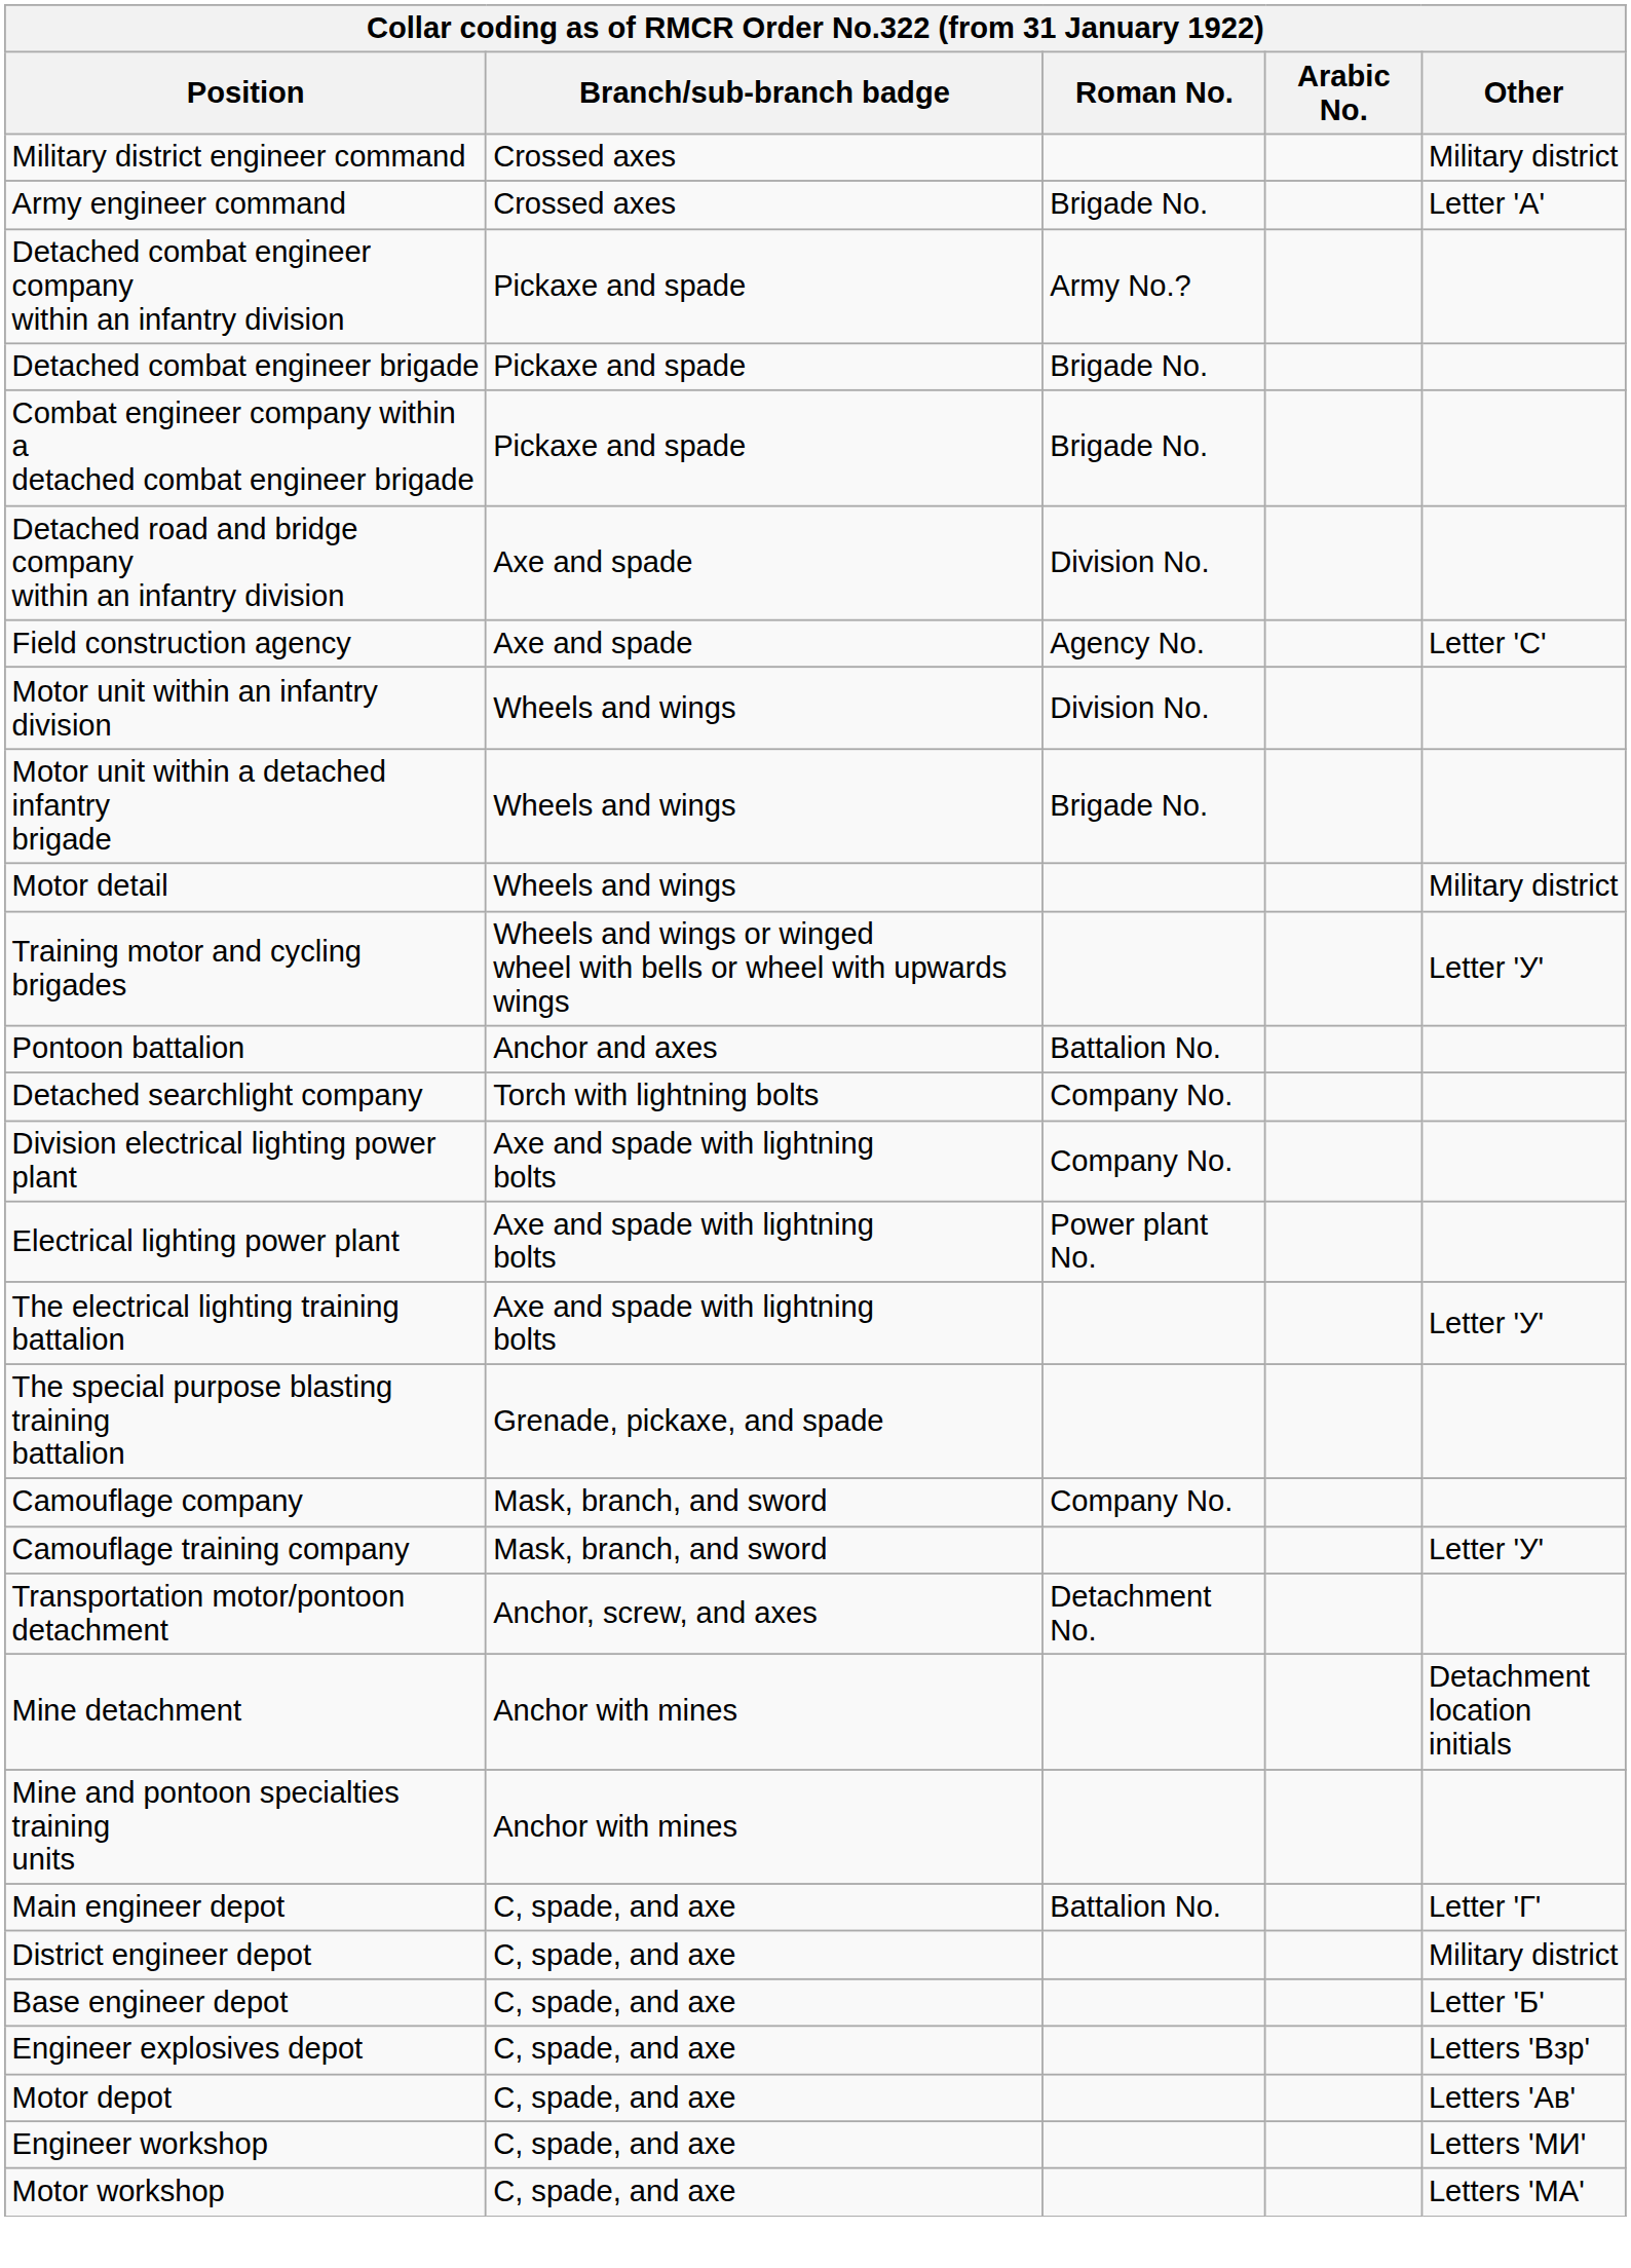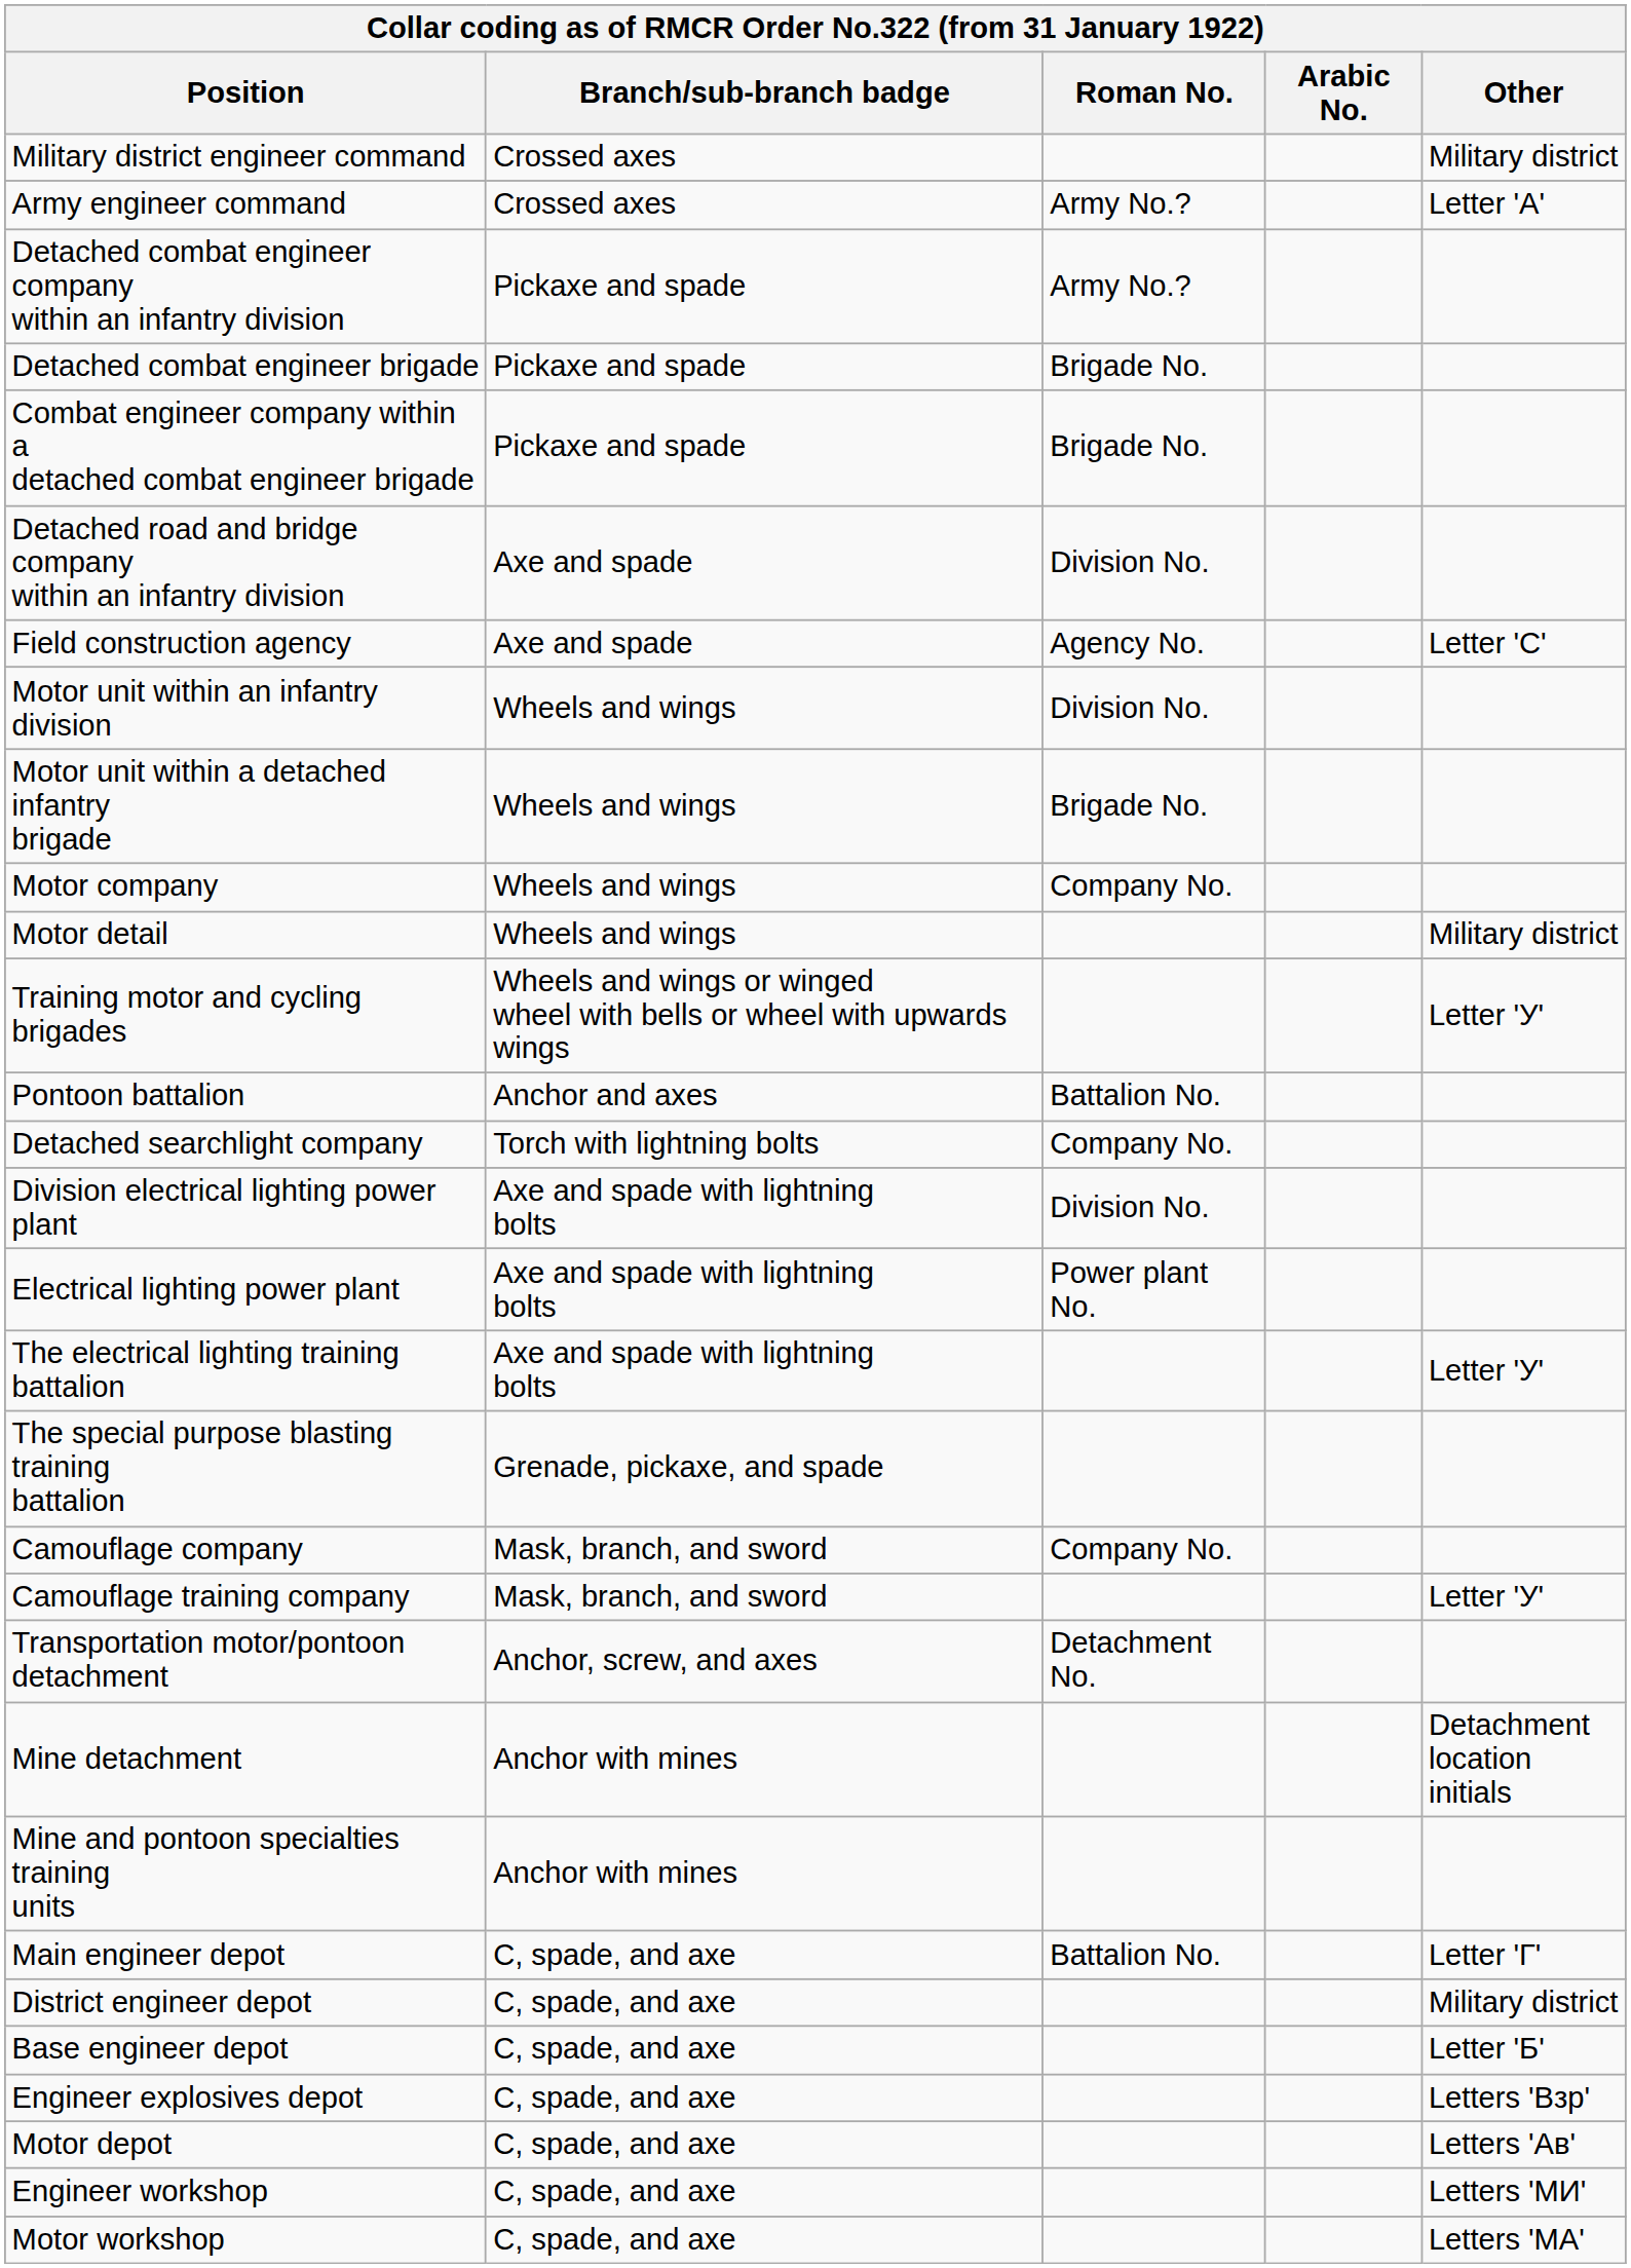 <table class="wikitable">
 <tr>
 <th colspan="5">Collar coding as of RMCR Order No.322 (from 31 January 1922)</th>
 </tr>
 <tr>
 <th>Position</th>
 <th>Branch/sub-branch badge</th>
 <th>Roman No.</th>
 <th>Arabic No.</th>
 <th>Other</th>
 </tr>
 <tr>
 <td>Military district engineer command</td>
 <td>Crossed axes</td>
 <td></td>
 <td></td>
 <td>Military district</td>
 </tr>
 <tr>
 <td>Army engineer command</td>
 <td>Crossed axes</td>
-<td>Brigade No.</td>
+<td>Army No.?</td>
 <td></td>
 <td>Letter 'А'</td>
 </tr>
 <tr>
 <td>Detached combat engineer company<br>within an infantry division</td>
 <td>Pickaxe and spade</td>
 <td>Army No.?</td>
 <td></td>
 <td></td>
 </tr>
 <tr>
 <td>Detached combat engineer brigade</td>
 <td>Pickaxe and spade</td>
 <td>Brigade No.</td>
 <td></td>
 <td></td>
 </tr>
 <tr>
 <td>Combat engineer company within a<br>detached combat engineer brigade</td>
 <td>Pickaxe and spade</td>
 <td>Brigade No.</td>
 <td></td>
 <td></td>
 </tr>
 <tr>
 <td>Detached road and bridge company<br>within an infantry division</td>
 <td>Axe and spade</td>
 <td>Division No.</td>
 <td></td>
 <td></td>
 </tr>
 <tr>
 <td>Field construction agency</td>
 <td>Axe and spade</td>
 <td>Agency No.</td>
 <td></td>
 <td>Letter 'С'</td>
 </tr>
 <tr>
 <td>Motor unit within an infantry division</td>
 <td>Wheels and wings</td>
 <td>Division No.</td>
 <td></td>
 <td></td>
 </tr>
 <tr>
 <td>Motor unit within a detached infantry<br>brigade</td>
 <td>Wheels and wings</td>
 <td>Brigade No.</td>
 <td></td>
 <td></td>
 </tr>
 <tr>
+<td>Motor company</td>
+<td>Wheels and wings</td>
+<td>Company No.</td>
+<td></td>
+<td></td>
+</tr>
+<tr>
 <td>Motor detail</td>
 <td>Wheels and wings</td>
 <td></td>
 <td></td>
 <td>Military district</td>
 </tr>
 <tr>
 <td>Training motor and cycling brigades</td>
 <td>Wheels and wings or winged<br>wheel with bells or wheel with upwards wings</td>
 <td></td>
 <td></td>
 <td>Letter 'У'</td>
 </tr>
 <tr>
 <td>Pontoon battalion</td>
 <td>Anchor and axes</td>
 <td>Battalion No.</td>
 <td></td>
 <td></td>
 </tr>
 <tr>
 <td>Detached searchlight company</td>
 <td>Torch with lightning bolts</td>
 <td>Company No.</td>
 <td></td>
 <td></td>
 </tr>
 <tr>
 <td>Division electrical lighting power plant</td>
 <td>Axe and spade with lightning<br>bolts</td>
-<td>Company No.</td>
+<td>Division No.</td>
 <td></td>
 <td></td>
 </tr>
 <tr>
 <td>Electrical lighting power plant</td>
 <td>Axe and spade with lightning<br>bolts</td>
 <td>Power plant No.</td>
 <td></td>
 <td></td>
 </tr>
 <tr>
 <td>The electrical lighting training battalion</td>
 <td>Axe and spade with lightning<br>bolts</td>
 <td></td>
 <td></td>
 <td>Letter 'У'</td>
 </tr>
 <tr>
 <td>The special purpose blasting training<br>battalion</td>
 <td>Grenade, pickaxe, and spade</td>
 <td></td>
 <td></td>
 <td></td>
 </tr>
 <tr>
 <td>Camouflage company</td>
 <td>Mask, branch, and sword</td>
 <td>Company No.</td>
 <td></td>
 <td></td>
 </tr>
 <tr>
 <td>Camouflage training company</td>
 <td>Mask, branch, and sword</td>
 <td></td>
 <td></td>
 <td>Letter 'У'</td>
 </tr>
 <tr>
 <td>Transportation motor/pontoon<br>detachment</td>
 <td>Anchor, screw, and axes</td>
 <td>Detachment No.</td>
 <td></td>
 <td></td>
 </tr>
 <tr>
 <td>Mine detachment</td>
 <td>Anchor with mines</td>
 <td></td>
 <td></td>
 <td>Detachment<br>location initials</td>
 </tr>
 <tr>
 <td>Mine and pontoon specialties training<br>units</td>
 <td>Anchor with mines</td>
 <td></td>
 <td></td>
 <td></td>
 </tr>
 <tr>
 <td>Main engineer depot</td>
 <td>C, spade, and axe</td>
 <td>Battalion No.</td>
 <td></td>
 <td>Letter 'Г'</td>
 </tr>
 <tr>
 <td>District engineer depot</td>
 <td>C, spade, and axe</td>
 <td></td>
 <td></td>
 <td>Military district</td>
 </tr>
 <tr>
 <td>Base engineer depot</td>
 <td>C, spade, and axe</td>
 <td></td>
 <td></td>
 <td>Letter 'Б'</td>
 </tr>
 <tr>
 <td>Engineer explosives depot</td>
 <td>C, spade, and axe</td>
 <td></td>
 <td></td>
 <td>Letters 'Взр'</td>
 </tr>
 <tr>
 <td>Motor depot</td>
 <td>C, spade, and axe</td>
 <td></td>
 <td></td>
 <td>Letters 'Ав'</td>
 </tr>
 <tr>
 <td>Engineer workshop</td>
 <td>C, spade, and axe</td>
 <td></td>
 <td></td>
 <td>Letters 'МИ'</td>
 </tr>
 <tr>
 <td>Motor workshop</td>
 <td>C, spade, and axe</td>
 <td></td>
 <td></td>
 <td>Letters 'МА'</td>
 </tr>
 </table>
